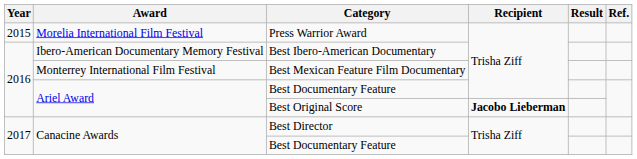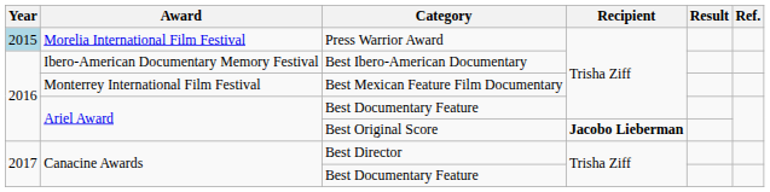 <table class="wikitable">
 <tr>
 <th>Year</th>
 <th>Award</th>
 <th>Category</th>
 <th>Recipient</th>
 <th>Result</th>
 <th>Ref.</th>
 </tr>
 <tr>
-<td>2015</td>
+<td style="background: lightblue;">2015</td>
 <td><a href='#'>Morelia International Film Festival</a></td>
 <td>Press Warrior Award</td>
 <td rowspan="4">Trisha Ziff</td>
 <td></td>
 <td></td>
 </tr>
 <tr>
 <td rowspan="4">2016</td>
 <td>Ibero-American Documentary Memory Festival</td>
 <td>Best Ibero-American Documentary</td>
 <td></td>
 <td></td>
 </tr>
 <tr>
 <td>Monterrey International Film Festival</td>
 <td>Best Mexican Feature Film Documentary</td>
 <td></td>
 <td></td>
 </tr>
 <tr>
 <td rowspan="2"><a href='#'>Ariel Award</a></td>
 <td>Best Documentary Feature</td>
 <td></td>
 <td rowspan="2"></td>
 </tr>
 <tr>
 <td>Best Original Score</td>
 <td><strong>Jacobo Lieberman</strong></td>
 <td></td>
 </tr>
 <tr>
 <td rowspan="2">2017</td>
 <td rowspan="2">Canacine Awards</td>
 <td>Best Director</td>
 <td rowspan="2">Trisha Ziff</td>
 <td></td>
 <td></td>
 </tr>
 <tr>
 <td>Best Documentary Feature</td>
 <td></td>
 <td></td>
 </tr>
 </table>
